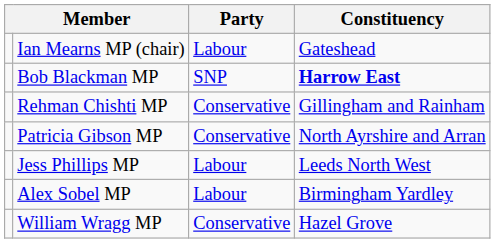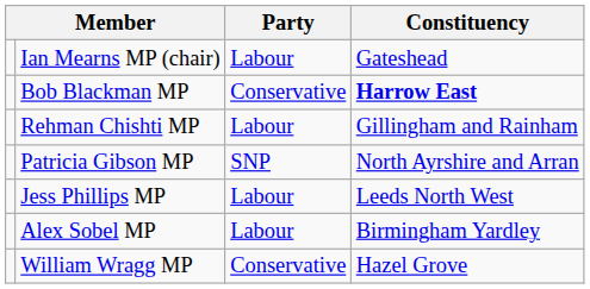 <table class="wikitable">
 <tr>
 <th colspan="2" valign="top">Member</th>
 <th valign="top">Party</th>
 <th valign="top">Constituency</th>
 </tr>
 <tr>
 <td style="color:inherit;background:"></td>
 <td><a href='#'>Ian Mearns</a> MP (chair)</td>
 <td><a href='#'>Labour</a></td>
 <td><a href='#'>Gateshead</a></td>
 </tr>
 <tr>
 <td style="color:inherit;background:"></td>
 <td><a href='#'>Bob Blackman</a> MP</td>
-<td><a href='#'>SNP</a></td>
+<td><a href='#'>Conservative</a></td>
 <td><strong><a href='#'>Harrow East</a></strong></td>
 </tr>
 <tr>
 <td style="color:inherit;background:"></td>
 <td><a href='#'>Rehman Chishti</a> MP</td>
-<td><a href='#'>Conservative</a></td>
+<td><a href='#'>Labour</a></td>
 <td><a href='#'>Gillingham and Rainham</a></td>
 </tr>
 <tr>
 <td style="color:inherit;background:"></td>
 <td><a href='#'>Patricia Gibson</a> MP</td>
-<td><a href='#'>Conservative</a></td>
+<td><a href='#'>SNP</a></td>
 <td><a href='#'>North Ayrshire and Arran</a></td>
 </tr>
 <tr>
 <td style="color:inherit;background:"></td>
 <td><a href='#'>Jess Phillips</a> MP</td>
 <td><a href='#'>Labour</a></td>
 <td><a href='#'>Leeds North West</a></td>
 </tr>
 <tr>
 <td style="color:inherit;background:"></td>
 <td><a href='#'>Alex Sobel</a> MP</td>
 <td><a href='#'>Labour</a></td>
 <td><a href='#'>Birmingham Yardley</a></td>
 </tr>
 <tr>
 <td style="color:inherit;background:"></td>
 <td><a href='#'>William Wragg</a> MP</td>
 <td><a href='#'>Conservative</a></td>
 <td><a href='#'>Hazel Grove</a></td>
 </tr>
 </table>
